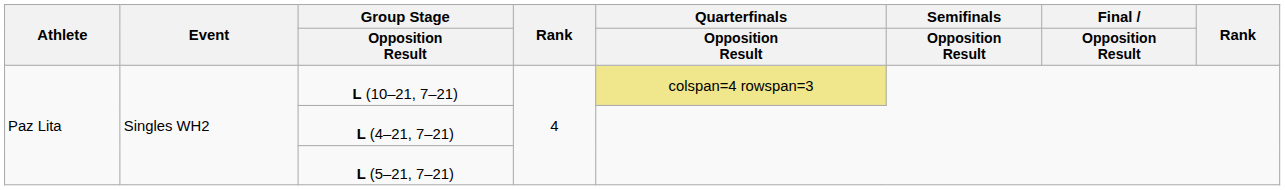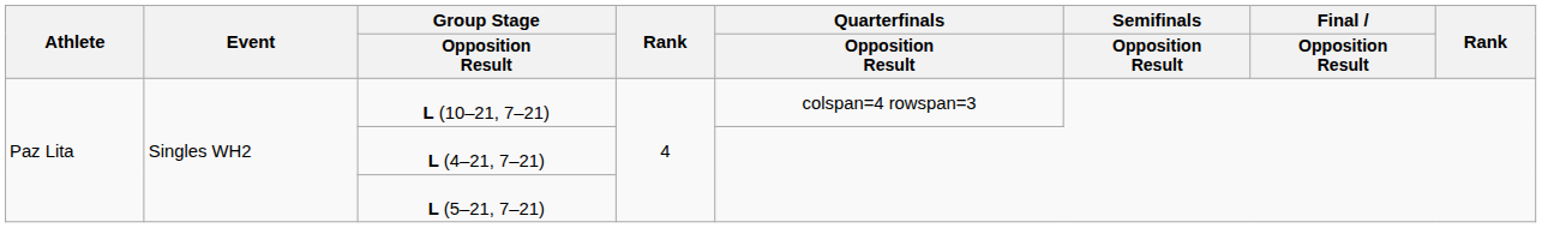 <table class="wikitable" width="98%" style="text-align:left; font-size:90%">
 <tr>
 <th rowspan=2>Athlete</th>
 <th rowspan=2>Event</th>
 <th>Group Stage</th>
 <th rowspan=2>Rank</th>
 <th>Quarterfinals</th>
 <th>Semifinals</th>
 <th>Final / </th>
 <th rowspan=2>Rank</th>
 </tr>
 <tr style="font-size:95%">
 <th>Opposition<br>Result</th>
 <th>Opposition<br>Result</th>
 <th>Opposition<br>Result</th>
 <th>Opposition<br>Result</th>
 </tr>
 <tr align=center>
 <td align=left rowspan=3>Paz Lita</td>
 <td align=left rowspan=3>Singles WH2</td>
 <td><br><strong>L</strong> (10–21, 7–21)</td>
 <td rowspan=3>4</td>
-<td style="background: khaki;">colspan=4 rowspan=3 </td>
+<td>colspan=4 rowspan=3 </td>
 </tr>
 <tr align=center>
 <td><br><strong>L</strong> (4–21, 7–21)</td>
 </tr>
 <tr align=center>
 <td><br><strong>L</strong> (5–21, 7–21)</td>
 </tr>
 </table>
